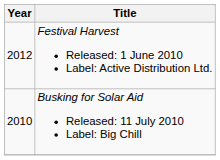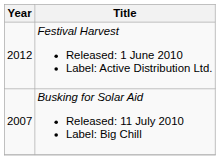 <table class="wikitable">
 <tr>
 <th>Year</th>
 <th>Title</th>
 </tr>
 <tr>
 <td>2012</td>
 <td><em>Festival Harvest</em><br><ul><li>Released: 1 June 2010</li><li>Label: Active Distribution Ltd.</li></ul></td>
 </tr>
 <tr>
-<td>2010</td>
+<td>2007</td>
 <td><em>Busking for Solar Aid</em><br><ul><li>Released: 11 July 2010</li><li>Label: Big Chill</li></ul></td>
 </tr>
 <tr>
 </tr>
 </table>
